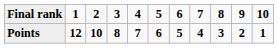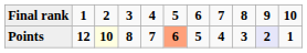 <table class="wikitable" style="font-weight:bold; text-align:center">
 <tr>
 <td align=left bgcolor=#efefef>Final rank</td>
 <td width=20>1</td>
 <td width=20>2</td>
 <td width=20>3</td>
 <td width=20>4</td>
 <td width=20>5</td>
 <td width=20>6</td>
 <td width=20>7</td>
 <td width=20>8</td>
 <td width=20>9</td>
 <td width=20>10</td>
 </tr>
 <tr>
 <td align=left bgcolor=#efefef>Points</td>
 <td width=20>12</td>
-<td width=20>10</td>
+<td width=20 style="background: lightyellow;">10</td>
 <td width=20>8</td>
 <td width=20>7</td>
-<td width=20>6</td>
+<td width=20 style="background: lightsalmon;">6</td>
 <td width=20>5</td>
 <td width=20>4</td>
 <td width=20>3</td>
-<td width=20>2</td>
+<td width=20 style="background: lavender;">2</td>
 <td width=20>1</td>
 </tr>
 </table>
